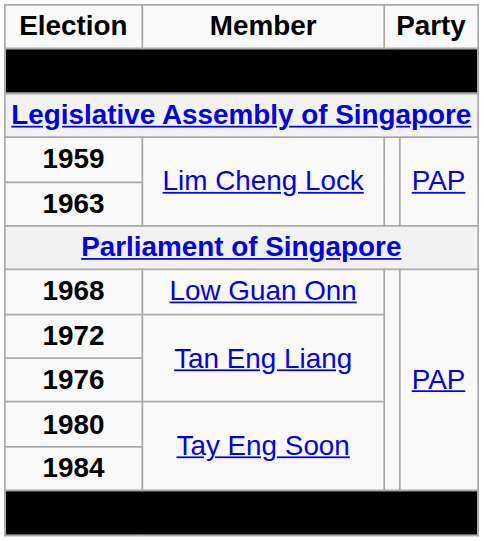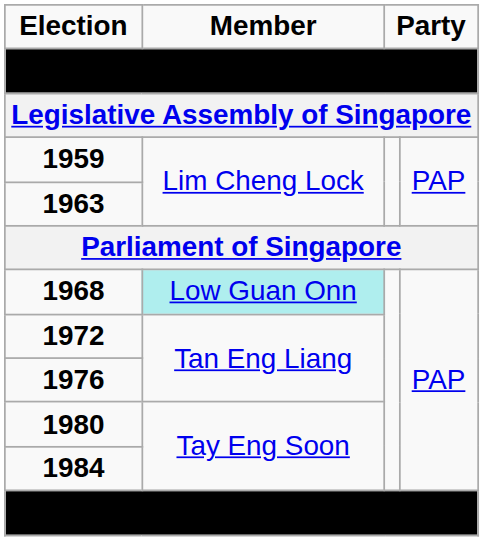 <table class="wikitable" align="center" style="text-align:center">
 <tr>
 <td><strong>Election </strong></td>
 <td><strong>Member</strong></td>
 <td colspan="2"><strong>Party</strong></td>
 </tr>
 <tr>
 <td colspan=4 bgcolor=black><span><strong>Formation</strong></span></td>
 </tr>
 <tr>
 <th colspan="4"><a href='#'>Legislative Assembly of Singapore</a></th>
 </tr>
 <tr>
 <td><strong>1959</strong></td>
 <td rowspan="2"><a href='#'>Lim Cheng Lock</a></td>
 <td rowspan="2"></td>
 <td rowspan="2"><a href='#'>PAP</a></td>
 </tr>
 <tr>
 <td><strong>1963</strong></td>
 </tr>
 <tr>
 <th colspan="4"><a href='#'>Parliament of Singapore</a></th>
 </tr>
 <tr>
 <td><strong>1968</strong></td>
-<td rowspan="1"><a href='#'>Low Guan Onn</a></td>
+<td rowspan="1" style="background: paleturquoise;"><a href='#'>Low Guan Onn</a></td>
 <td rowspan="5"></td>
 <td rowspan="5"><a href='#'>PAP</a></td>
 </tr>
 <tr>
 <td><strong>1972</strong></td>
 <td rowspan="2"><a href='#'>Tan Eng Liang</a></td>
 </tr>
 <tr>
 <td><strong>1976</strong></td>
 </tr>
 <tr>
 <td><strong>1980</strong></td>
 <td rowspan="2"><a href='#'>Tay Eng Soon</a></td>
 </tr>
 <tr>
 <td><strong>1984</strong></td>
 </tr>
 <tr>
 <td colspan=4 bgcolor=black><span><strong>Constituency abolished (1988)</strong></span></td>
 </tr>
 </table>
